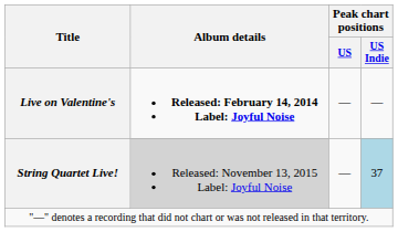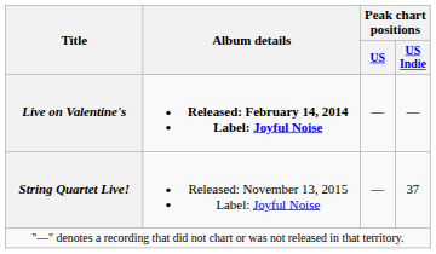 <table class="wikitable plainrowheaders" style="text-align:center;">
 <tr>
 <th scope="col" rowspan="2" style="width:10em;">Title</th>
 <th scope="col" rowspan="2" style="width:16em;">Album details</th>
 <th scope="col" colspan="3">Peak chart positions</th>
 </tr>
 <tr>
 <th scope="col" style="width:2.5em;font-size:90%;"><a href='#'>US</a><br></th>
 <th scope="col" style="width:2.5em;font-size:90%;"><a href='#'>US<br> Indie</a><br></th>
 </tr>
 <tr>
 <th scope="row"><em>Live on Valentine's</em></th>
 <td><strong><br><ul><li>Released: February 14, 2014</li><li>Label: <a href='#'>Joyful Noise</a></li></ul></strong></td>
 <td>—</td>
 <td>—</td>
 </tr>
 <tr>
 <th scope="row"><em>String Quartet Live!</em></th>
-<td style="background: lightgrey;"><br><ul><li>Released: November 13, 2015</li><li>Label: <a href='#'>Joyful Noise</a></li></ul></td>
+<td><br><ul><li>Released: November 13, 2015</li><li>Label: <a href='#'>Joyful Noise</a></li></ul></td>
 <td>—</td>
-<td style="background: lightblue;">37</td>
+<td>37</td>
 </tr>
 <tr>
 <td colspan="11" style="font-size:90%">"—" denotes a recording that did not chart or was not released in that territory.</td>
 </tr>
 </table>
